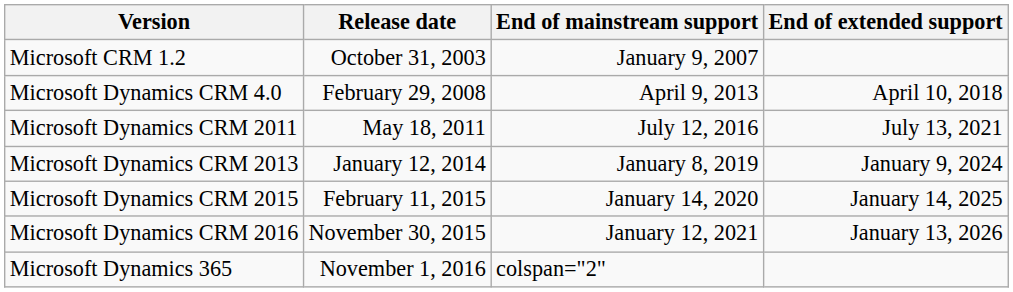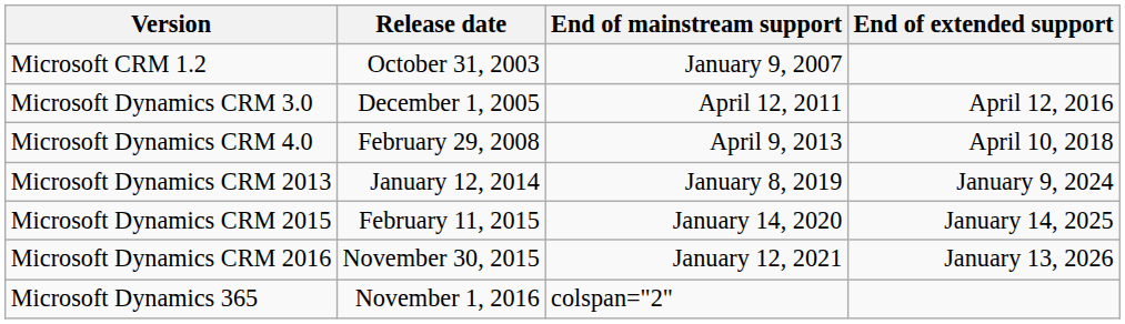 <table class="wikitable">
 <tr>
 <th>Version</th>
 <th>Release date</th>
 <th>End of mainstream support</th>
 <th>End of extended support</th>
 </tr>
 <tr>
 <td>Microsoft CRM 1.2</td>
 <td style="text-align:right">October 31, 2003</td>
 <td style="text-align:right">January 9, 2007</td>
 <td></td>
 </tr>
 <tr>
+<td>Microsoft Dynamics CRM 3.0</td>
+<td style="text-align:right">December 1, 2005</td>
+<td style="text-align:right">April 12, 2011</td>
+<td style="text-align:right">April 12, 2016</td>
+</tr>
+<tr>
 <td>Microsoft Dynamics CRM 4.0</td>
 <td style="text-align:right">February 29, 2008</td>
 <td style="text-align:right">April 9, 2013</td>
 <td style="text-align:right">April 10, 2018</td>
-</tr>
-<tr>
-<td>Microsoft Dynamics CRM 2011</td>
-<td style="text-align:right">May 18, 2011</td>
-<td style="text-align:right">July 12, 2016</td>
-<td style="text-align:right">July 13, 2021</td>
 </tr>
 <tr>
 <td>Microsoft Dynamics CRM 2013</td>
 <td style="text-align:right">January 12, 2014</td>
 <td style="text-align:right">January 8, 2019</td>
 <td style="text-align:right">January 9, 2024</td>
 </tr>
 <tr>
 <td>Microsoft Dynamics CRM 2015</td>
 <td style="text-align:right">February 11, 2015</td>
 <td style="text-align:right">January 14, 2020</td>
 <td style="text-align:right">January 14, 2025</td>
 </tr>
 <tr>
 <td>Microsoft Dynamics CRM 2016</td>
 <td style="text-align:right">November 30, 2015</td>
 <td style="text-align:right">January 12, 2021</td>
 <td style="text-align:right">January 13, 2026</td>
 </tr>
 <tr>
 <td>Microsoft Dynamics 365</td>
 <td style="text-align:right">November 1, 2016</td>
 <td>colspan="2" </td>
 </tr>
 </table>
